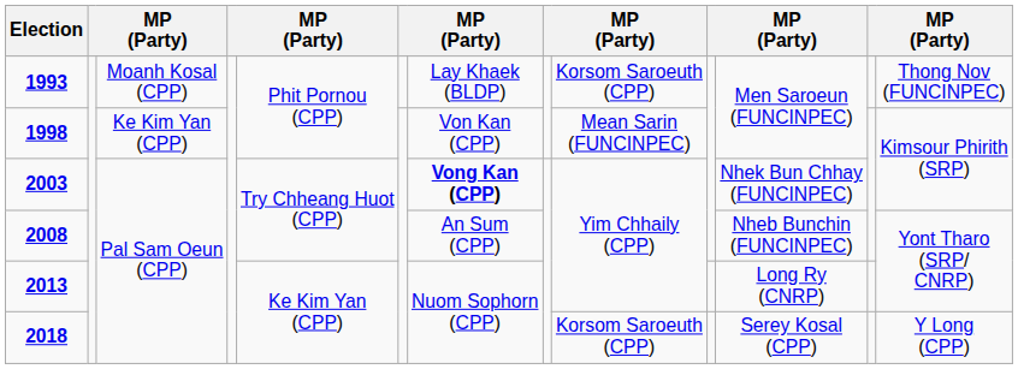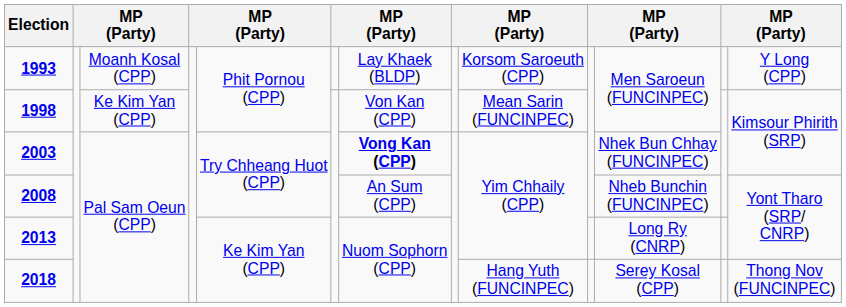 <table class="wikitable" style="text-align:center">
 <tr>
 <th>Election</th>
 <th colspan=2>MP<br>(Party)</th>
 <th colspan=2>MP<br>(Party)</th>
 <th colspan=2>MP<br>(Party)</th>
 <th colspan=2>MP<br>(Party)</th>
 <th colspan=2>MP<br>(Party)</th>
 <th colspan=2>MP<br>(Party)</th>
 </tr>
 <tr>
 <td><strong><a href='#'>1993</a></strong></td>
 <td rowspan=6; style="background-color: "></td>
 <td rowspan=1><a href='#'>Moanh Kosal</a><br>(<a href='#'>CPP</a>)</td>
 <td rowspan=6; style="background-color: "></td>
 <td rowspan=2><a href='#'>Phit Pornou</a><br>(<a href='#'>CPP</a>)</td>
 <td rowspan=1; style="background-color: "></td>
 <td rowspan=1><a href='#'>Lay Khaek</a><br>(<a href='#'>BLDP</a>)</td>
 <td rowspan=2; style="background-color: "></td>
 <td rowspan=1><a href='#'>Korsom Saroeuth</a><br>(<a href='#'>CPP</a>)</td>
 <td rowspan=4; style="background-color: "></td>
 <td rowspan=2><a href='#'>Men Saroeun</a><br>(<a href='#'>FUNCINPEC</a>)</td>
 <td rowspan=1; style="background-color: "></td>
-<td rowspan=1><a href='#'>Thong Nov</a><br>(<a href='#'>FUNCINPEC</a>)</td>
+<td rowspan=1><a href='#'>Y Long</a><br>(<a href='#'>CPP</a>)</td>
 </tr>
 <tr>
 <td><strong><a href='#'>1998</a></strong></td>
 <td rowspan=1><a href='#'>Ke Kim Yan</a><br>(<a href='#'>CPP</a>)</td>
 <td rowspan=5; style="background-color: "></td>
 <td rowspan=1><a href='#'>Von Kan</a><br>(<a href='#'>CPP</a>)</td>
 <td rowspan=1><a href='#'>Mean Sarin</a><br>(<a href='#'>FUNCINPEC</a>)</td>
 <td rowspan=3; style="background-color: "></td>
 <td rowspan=2><a href='#'>Kimsour Phirith</a><br>(<a href='#'>SRP</a>)</td>
 </tr>
 <tr>
 <td><strong><a href='#'>2003</a></strong></td>
 <td rowspan=4><a href='#'>Pal Sam Oeun</a><br>(<a href='#'>CPP</a>)</td>
 <td rowspan=2><a href='#'>Try Chheang Huot</a><br>(<a href='#'>CPP</a>)</td>
 <td rowspan=1><strong><a href='#'>Vong Kan</a><br>(<a href='#'>CPP</a>)</strong></td>
 <td rowspan=4; style="background-color: "></td>
 <td rowspan=3><a href='#'>Yim Chhaily</a><br>(<a href='#'>CPP</a>)</td>
 <td rowspan=1><a href='#'>Nhek Bun Chhay</a><br>(<a href='#'>FUNCINPEC</a>)</td>
 </tr>
 <tr>
 <td><strong><a href='#'>2008</a></strong></td>
 <td rowspan=1><a href='#'>An Sum</a><br>(<a href='#'>CPP</a>)</td>
 <td rowspan=1><a href='#'>Nheb Bunchin</a><br>(<a href='#'>FUNCINPEC</a>)</td>
 <td rowspan=2><a href='#'>Yont Tharo</a><br>(<a href='#'>SRP</a>/<br><a href='#'>CNRP</a>)</td>
 </tr>
 <tr>
 <td><strong><a href='#'>2013</a></strong></td>
 <td rowspan=2><a href='#'>Ke Kim Yan</a><br>(<a href='#'>CPP</a>)</td>
 <td rowspan=2><a href='#'>Nuom Sophorn</a><br>(<a href='#'>CPP</a>)</td>
 <td rowspan=1; style="background-color: "></td>
 <td rowspan=1><a href='#'>Long Ry</a><br>(<a href='#'>CNRP</a>)</td>
 <td rowspan=1; style="background-color: "></td>
 </tr>
 <tr>
 <td><strong><a href='#'>2018</a></strong></td>
-<td rowspan=1><a href='#'>Korsom Saroeuth</a><br>(<a href='#'>CPP</a>)</td>
+<td rowspan=1><a href='#'>Hang Yuth</a><br>(<a href='#'>FUNCINPEC</a>)</td>
 <td rowspan=1; style="background-color: "></td>
 <td rowspan=1><a href='#'>Serey Kosal</a><br>(<a href='#'>CPP</a>)</td>
 <td rowspan=1; style="background-color: "></td>
-<td rowspan=1><a href='#'>Y Long</a><br>(<a href='#'>CPP</a>)</td>
+<td rowspan=1><a href='#'>Thong Nov</a><br>(<a href='#'>FUNCINPEC</a>)</td>
 </tr>
 </table>
